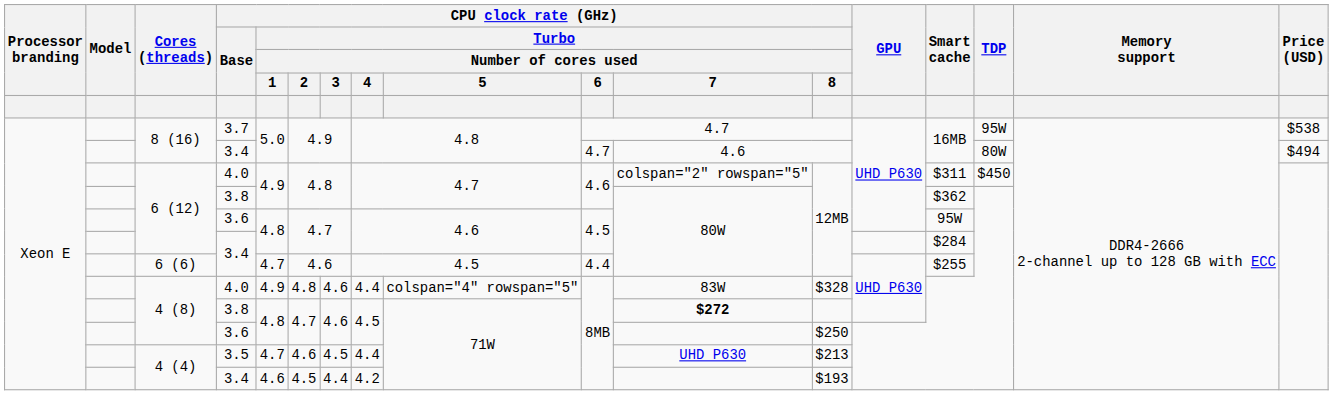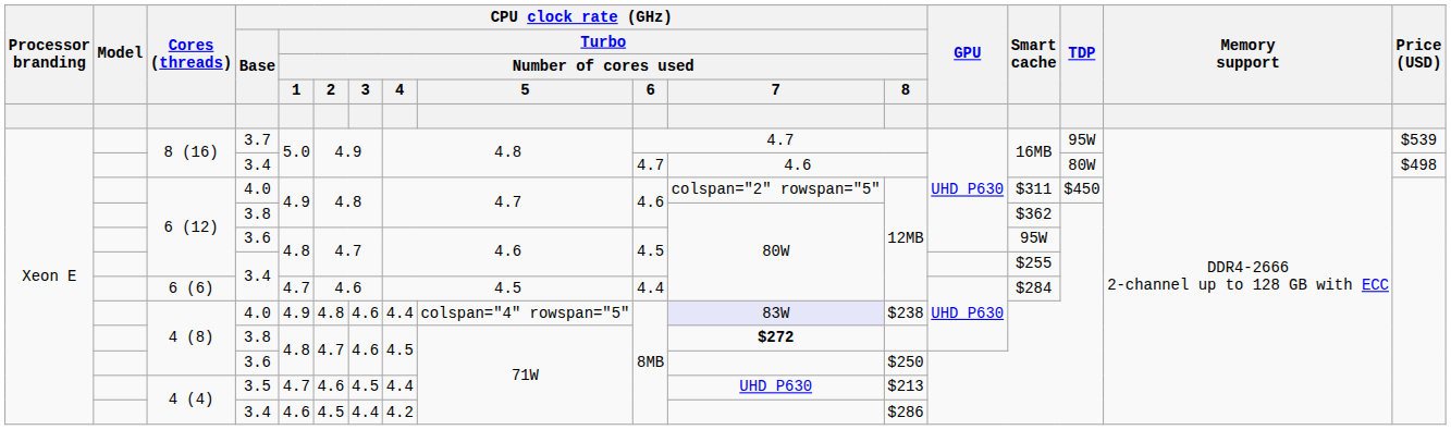 <table class="wikitable sortable hover-highlight" style="text-align: center">
 <tr>
 <th rowspan="4">Processor <br> branding</th>
 <th rowspan="4">Model</th>
 <th rowspan="4"><a href='#'>Cores</a> <br> (<a href='#'>threads</a>)</th>
 <th colspan="9">CPU <a href='#'>clock rate</a> (GHz)</th>
 <th rowspan="4"><a href='#'>GPU</a></th>
 <th rowspan="4">Smart<br>cache</th>
 <th rowspan="4"><a href='#'>TDP</a></th>
 <th rowspan="4">Memory<br>support</th>
 <th rowspan="4">Price <br> (USD)</th>
 </tr>
 <tr>
 <th rowspan="3">Base</th>
 <th colspan="8"><a href='#'>Turbo</a></th>
 </tr>
 <tr>
 <th colspan="8">Number of cores used</th>
 </tr>
 <tr>
 <th>1</th>
 <th>2</th>
 <th>3</th>
 <th>4</th>
 <th>5</th>
 <th>6</th>
 <th>7</th>
 <th>8</th>
 </tr>
 <tr>
 <th style="background-position:center"><br></th>
 <th style="background-position:center"></th>
 <th style="background-position:center"></th>
 <th style="background-position:center"></th>
 <th style="background-position:center"></th>
 <th style="background-position:center"></th>
 <th style="background-position:center"></th>
 <th style="background-position:center"></th>
 <th style="background-position:center"></th>
 <th style="background-position:center"></th>
 <th style="background-position:center"></th>
 <th style="background-position:center"></th>
 <th style="background-position:center"></th>
 <th style="background-position:center"></th>
 <th style="background-position:center"></th>
 <th style="background-position:center"></th>
 <th style="background-position:center"></th>
 </tr>
 <tr>
 <td rowspan="12">Xeon E</td>
 <td></td>
 <td rowspan="2">8 (16)</td>
 <td>3.7</td>
 <td rowspan="2">5.0</td>
 <td colspan="2" rowspan="2">4.9</td>
 <td colspan="2" rowspan="2">4.8</td>
 <td colspan="3">4.7</td>
 <td rowspan="5"><a href='#'>UHD P630</a></td>
 <td rowspan="2">16MB</td>
 <td>95W</td>
 <td rowspan="12">DDR4-2666<br>2-channel up to 128 GB with <a href='#'>ECC</a></td>
-<td>$538</td>
+<td>$539</td>
 </tr>
 <tr>
 <td></td>
 <td>3.4</td>
 <td>4.7</td>
 <td colspan="2">4.6</td>
 <td>80W</td>
-<td>$494</td>
+<td>$498</td>
 </tr>
 <tr>
 <td></td>
 <td rowspan="4">6 (12)</td>
 <td>4.0</td>
 <td rowspan="2">4.9</td>
 <td colspan="2" rowspan="2">4.8</td>
 <td colspan="2" rowspan="2">4.7</td>
 <td rowspan="2">4.6</td>
 <td>colspan="2" rowspan="5" </td>
 <td rowspan="5">12MB</td>
 <td>$311</td>
 <td>$450</td>
 </tr>
 <tr>
 <td></td>
 <td>3.8</td>
 <td rowspan="4">80W</td>
 <td>$362</td>
 </tr>
 <tr>
 <td></td>
 <td>3.6</td>
 <td rowspan="2">4.8</td>
 <td colspan="2" rowspan="2">4.7</td>
 <td colspan="2" rowspan="2">4.6</td>
 <td rowspan="2">4.5</td>
 <td>95W</td>
 </tr>
 <tr>
 <td></td>
 <td rowspan="2">3.4</td>
 <td></td>
-<td>$284</td>
+<td>$255</td>
 </tr>
 <tr>
 <td></td>
 <td>6 (6)</td>
 <td>4.7</td>
 <td colspan="2">4.6</td>
 <td colspan="2">4.5</td>
 <td>4.4</td>
 <td rowspan="3"><a href='#'>UHD P630</a></td>
-<td>$255</td>
+<td>$284</td>
 </tr>
 <tr>
 <td></td>
 <td rowspan="3">4 (8)</td>
 <td>4.0</td>
 <td>4.9</td>
 <td>4.8</td>
 <td>4.6</td>
 <td>4.4</td>
 <td>colspan="4" rowspan="5" </td>
 <td rowspan="5">8MB</td>
-<td>83W</td>
-<td>$328</td>
+<td style="background: lavender;">83W</td>
+<td>$238</td>
 </tr>
 <tr>
 <td></td>
 <td>3.8</td>
 <td rowspan="2">4.8</td>
 <td rowspan="2">4.7</td>
 <td rowspan="2">4.6</td>
 <td rowspan="2">4.5</td>
 <td rowspan="4">71W</td>
 <td><strong>$272</strong></td>
 </tr>
 <tr>
 <td></td>
 <td>3.6</td>
 <td></td>
 <td>$250</td>
 </tr>
 <tr>
 <td></td>
 <td rowspan="2">4 (4)</td>
 <td>3.5</td>
 <td>4.7</td>
 <td>4.6</td>
 <td>4.5</td>
 <td>4.4</td>
 <td><a href='#'>UHD P630</a></td>
 <td>$213</td>
 </tr>
 <tr>
 <td></td>
 <td>3.4</td>
 <td>4.6</td>
 <td>4.5</td>
 <td>4.4</td>
 <td>4.2</td>
 <td></td>
-<td>$193</td>
+<td>$286</td>
 </tr>
 </table>
